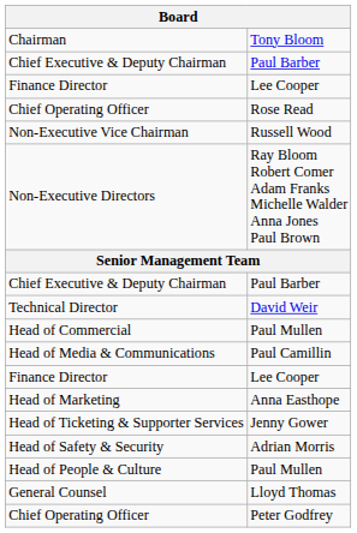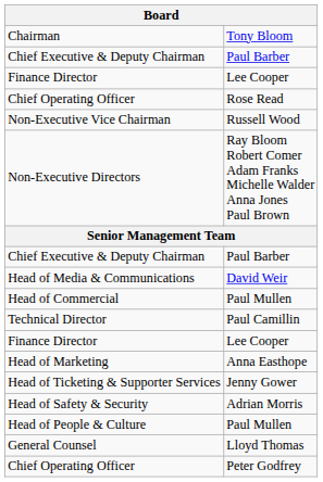 <table class="wikitable">
 <tr>
 <th colspan="2">Board</th>
 </tr>
 <tr>
 <td>Chairman</td>
 <td><a href='#'>Tony Bloom</a></td>
 </tr>
 <tr>
 <td>Chief Executive & Deputy Chairman</td>
 <td><a href='#'>Paul Barber</a></td>
 </tr>
 <tr>
 <td>Finance Director</td>
 <td>Lee Cooper</td>
 </tr>
 <tr>
 <td>Chief Operating Officer</td>
 <td>Rose Read</td>
 </tr>
 <tr>
 <td>Non-Executive Vice Chairman</td>
 <td>Russell Wood</td>
 </tr>
 <tr>
 <td>Non-Executive Directors</td>
 <td>Ray Bloom<br>Robert Comer<br>Adam Franks<br>Michelle Walder<br>Anna Jones<br>Paul Brown</td>
 </tr>
 <tr>
 <th colspan="2">Senior Management Team</th>
 </tr>
 <tr>
 <td>Chief Executive & Deputy Chairman</td>
 <td>Paul Barber</td>
 </tr>
 <tr>
-<td>Technical Director</td>
+<td>Head of Media & Communications</td>
 <td><a href='#'>David Weir</a></td>
 </tr>
 <tr>
 <td>Head of Commercial</td>
 <td>Paul Mullen</td>
 </tr>
 <tr>
-<td>Head of Media & Communications</td>
+<td>Technical Director</td>
 <td>Paul Camillin</td>
 </tr>
 <tr>
 <td>Finance Director</td>
 <td>Lee Cooper</td>
 </tr>
 <tr>
 <td>Head of Marketing</td>
 <td>Anna Easthope</td>
 </tr>
 <tr>
 <td>Head of Ticketing & Supporter Services</td>
 <td>Jenny Gower</td>
 </tr>
 <tr>
 <td>Head of Safety & Security</td>
 <td>Adrian Morris</td>
 </tr>
 <tr>
 <td>Head of People & Culture</td>
 <td>Paul Mullen</td>
 </tr>
 <tr>
 <td>General Counsel</td>
 <td>Lloyd Thomas</td>
 </tr>
 <tr>
 <td>Chief Operating Officer</td>
 <td>Peter Godfrey</td>
 </tr>
 </table>
